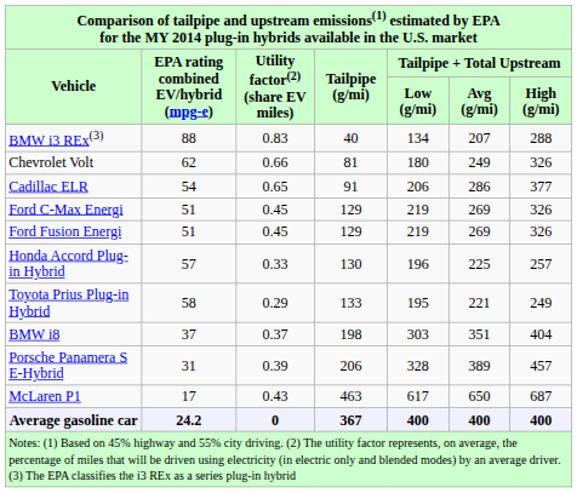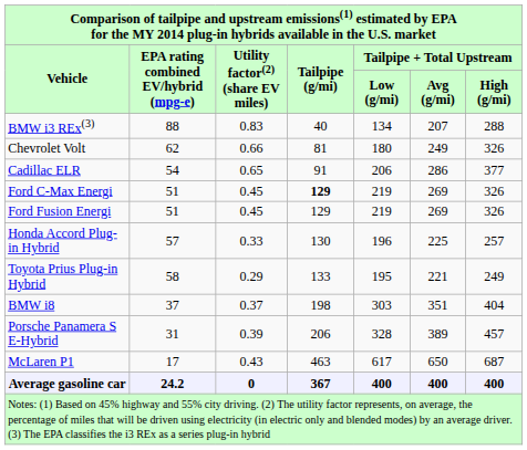 <table class=" wikitable" style="margin: 1em auto 1em auto">
 <tr>
 <th colspan="7" style="text-align:center; background:#cfc;">Comparison of tailpipe and upstream  emissions<sup>(1)</sup> estimated by EPA<br> for the MY 2014 plug-in hybrids available in the U.S. market </th>
 </tr>
 <tr>
 <th style="background:#cfc;" rowspan="2">Vehicle</th>
 <th style="background:#cfc;" rowspan="2">EPA rating<br> combined<br> EV/hybrid<br>(<a href='#'>mpg-e</a>)</th>
 <th style="background:#cfc;" rowspan="2">Utility<br>factor<sup>(2)</sup><br>(share EV<br>miles)</th>
 <th style="background:#cfc;" rowspan="2">Tailpipe <br>(g/mi)</th>
 <th style="background:#cfc;" colspan="3">Tailpipe + Total Upstream </th>
 </tr>
 <tr style="text-align:center;">
 <th style="background:#cfc;">Low<br>(g/mi)</th>
 <th style="background:#cfc;">Avg<br>(g/mi)</th>
 <th style="background:#cfc;">High<br>(g/mi)</th>
 </tr>
 <tr style="text-align:center;">
 <td align=left><a href='#'>BMW i3 REx</a><sup>(3)</sup></td>
 <td>88</td>
 <td>0.83</td>
 <td>40</td>
 <td>134</td>
 <td>207</td>
 <td>288</td>
 </tr>
 <tr style="text-align:center;">
 <td align=left>Chevrolet Volt</td>
 <td>62</td>
 <td>0.66</td>
 <td>81</td>
 <td>180</td>
 <td>249</td>
 <td>326</td>
 </tr>
 <tr style="text-align:center;">
 <td align=left><a href='#'>Cadillac ELR</a></td>
 <td>54</td>
 <td>0.65</td>
 <td>91</td>
 <td>206</td>
 <td>286</td>
 <td>377</td>
 </tr>
 <tr style="text-align:center;">
 <td align=left><a href='#'>Ford C-Max Energi</a></td>
 <td>51</td>
 <td>0.45</td>
-<td>129</td>
+<td><strong>129</strong></td>
 <td>219</td>
 <td>269</td>
 <td>326</td>
 </tr>
 <tr style="text-align:center;">
 <td align=left><a href='#'>Ford Fusion Energi</a></td>
 <td>51</td>
 <td>0.45</td>
 <td>129</td>
 <td>219</td>
 <td>269</td>
 <td>326</td>
 </tr>
 <tr style="text-align:center;">
 <td align=left><a href='#'>Honda Accord Plug-in Hybrid</a></td>
 <td>57</td>
 <td>0.33</td>
 <td>130</td>
 <td>196</td>
 <td>225</td>
 <td>257</td>
 </tr>
 <tr style="text-align:center;">
 <td align=left><a href='#'>Toyota Prius Plug-in Hybrid</a></td>
 <td>58</td>
 <td>0.29</td>
 <td>133</td>
 <td>195</td>
 <td>221</td>
 <td>249</td>
 </tr>
 <tr style="text-align:center;">
 <td align=left><a href='#'>BMW i8</a></td>
 <td>37</td>
 <td>0.37</td>
 <td>198</td>
 <td>303</td>
 <td>351</td>
 <td>404</td>
 </tr>
 <tr style="text-align:center;">
 <td align=left><a href='#'>Porsche Panamera S E-Hybrid</a></td>
 <td>31</td>
 <td>0.39</td>
 <td>206</td>
 <td>328</td>
 <td>389</td>
 <td>457</td>
 </tr>
 <tr style="text-align:center;">
 <td align=left><a href='#'>McLaren P1</a></td>
 <td>17</td>
 <td>0.43</td>
 <td>463</td>
 <td>617</td>
 <td>650</td>
 <td>687</td>
 </tr>
 <tr style="text-align:center;">
 <th style="background:#f0f0ff;">Average gasoline car</th>
 <th style="background:#f0f0ff;">24.2</th>
 <th style="background:#f0f0ff;">0</th>
 <th style="background:#f0f0ff;">367</th>
 <th style="background:#f0f0ff;">400</th>
 <th style="background:#f0f0ff;">400</th>
 <th style="background:#f0f0ff;">400</th>
 </tr>
 <tr>
 <td colspan="7" style="text-align:left; background:#cfc;"><small>Notes: (1) Based on 45% highway and 55% city driving. (2) The utility factor represents, on average, the percentage of miles that will be driven using electricity (in electric only and blended modes) by an average driver. (3) The EPA classifies the i3 REx as a series plug-in hybrid</small></td>
 </tr>
 </table>
